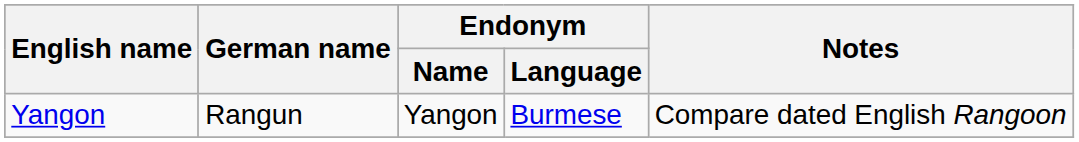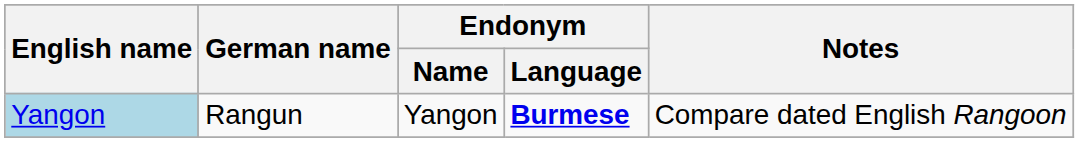 <table class="wikitable sortable mw-collapsible">
 <tr>
 <th rowspan="2">English name</th>
 <th rowspan="2">German name</th>
 <th colspan="2">Endonym</th>
 <th rowspan="2">Notes</th>
 </tr>
 <tr>
 <th>Name</th>
 <th>Language</th>
 </tr>
 <tr>
-<td><a href='#'>Yangon</a></td>
+<td style="background: lightblue;"><a href='#'>Yangon</a></td>
 <td>Rangun</td>
 <td>Yangon</td>
-<td><a href='#'>Burmese</a></td>
+<td><strong><a href='#'>Burmese</a></strong></td>
 <td>Compare dated English <em>Rangoon</em></td>
 </tr>
 </table>
